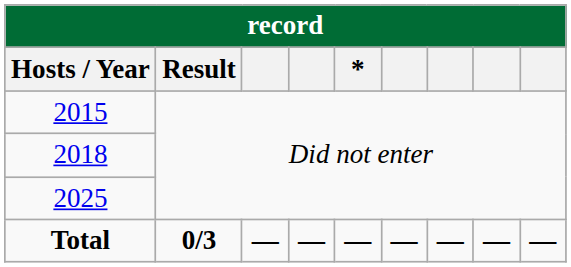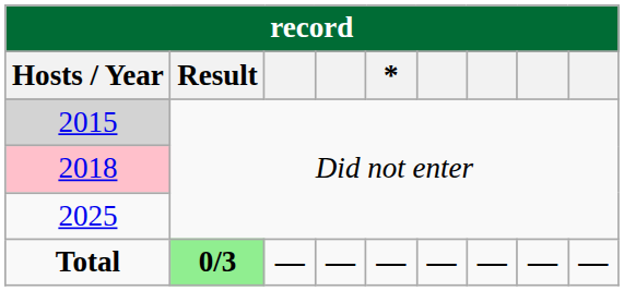 <table class="wikitable mw-collapsible" style="text-align: center;font-size:100%;">
 <tr>
 <th colspan="9" style="background: #006C35; color: white;"><a href='#'></a> record</th>
 </tr>
 <tr>
 <th>Hosts / Year</th>
 <th>Result</th>
 <th width=20></th>
 <th width=20></th>
 <th width=20>*</th>
 <th width=20></th>
 <th width=20></th>
 <th width=20></th>
 <th width=20></th>
 </tr>
 <tr>
-<td> <a href='#'>2015</a></td>
+<td style="background: lightgrey;"> <a href='#'>2015</a></td>
 <td colspan=8 rowspan=3><em>Did not enter</em></td>
 </tr>
 <tr>
-<td> <a href='#'>2018</a></td>
+<td style="background: pink;"> <a href='#'>2018</a></td>
 </tr>
 <tr>
 <td> <a href='#'>2025</a></td>
 </tr>
 <tr>
 <td><strong>Total</strong></td>
-<td><strong>0/3</strong></td>
+<td style="background: lightgreen;"><strong>0/3</strong></td>
 <td><strong>—</strong></td>
 <td><strong>—</strong></td>
 <td><strong>—</strong></td>
 <td><strong>—</strong></td>
 <td><strong>—</strong></td>
 <td><strong>—</strong></td>
 <td><strong>—</strong></td>
 </tr>
 </table>
